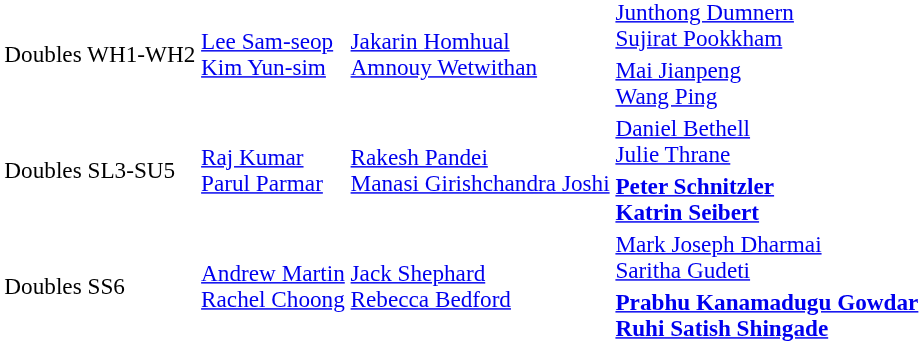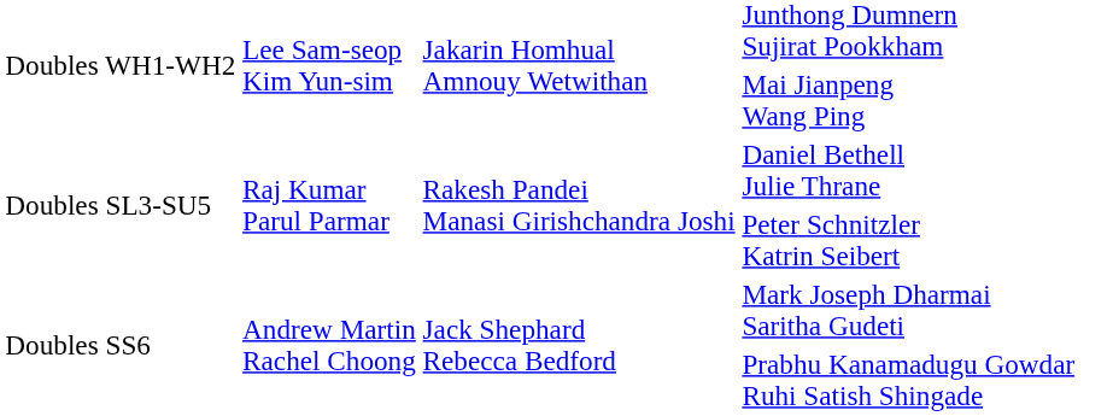 <table>
 <tr>
 <td rowspan=2>Doubles WH1-WH2</td>
 <td rowspan=2> <a href='#'>Lee Sam-seop</a><br> <a href='#'>Kim Yun-sim</a></td>
 <td rowspan=2> <a href='#'>Jakarin Homhual</a><br> <a href='#'>Amnouy Wetwithan</a></td>
 <td> <a href='#'>Junthong Dumnern</a><br> <a href='#'>Sujirat Pookkham</a></td>
 </tr>
 <tr>
 <td> <a href='#'>Mai Jianpeng</a><br> <a href='#'>Wang Ping</a></td>
 </tr>
 <tr>
 <td rowspan=2>Doubles SL3-SU5</td>
 <td rowspan=2> <a href='#'>Raj Kumar</a><br> <a href='#'>Parul Parmar</a></td>
 <td rowspan=2> <a href='#'>Rakesh Pandei</a><br> <a href='#'>Manasi Girishchandra Joshi</a></td>
 <td> <a href='#'>Daniel Bethell</a><br> <a href='#'>Julie Thrane</a></td>
 </tr>
 <tr>
-<td><strong> <a href='#'>Peter Schnitzler</a><br> <a href='#'>Katrin Seibert</a></strong></td>
+<td> <a href='#'>Peter Schnitzler</a><br> <a href='#'>Katrin Seibert</a></td>
 </tr>
 <tr>
 <td rowspan=2>Doubles SS6</td>
 <td rowspan=2> <a href='#'>Andrew Martin</a><br> <a href='#'>Rachel Choong</a></td>
 <td rowspan=2> <a href='#'>Jack Shephard</a><br> <a href='#'>Rebecca Bedford</a></td>
 <td> <a href='#'>Mark Joseph Dharmai</a><br> <a href='#'>Saritha Gudeti</a></td>
 </tr>
 <tr>
-<td><strong> <a href='#'>Prabhu Kanamadugu Gowdar</a><br> <a href='#'>Ruhi Satish Shingade</a></strong></td>
+<td> <a href='#'>Prabhu Kanamadugu Gowdar</a><br> <a href='#'>Ruhi Satish Shingade</a></td>
 </tr>
 </table>
